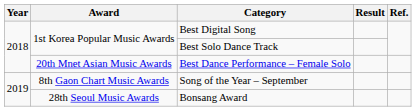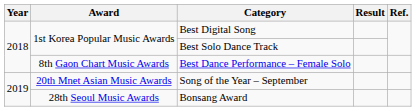 <table class="wikitable">
 <tr>
 <th>Year</th>
 <th>Award</th>
 <th>Category</th>
 <th>Result</th>
 <th>Ref.</th>
 </tr>
 <tr>
 <td rowspan=3>2018</td>
 <td rowspan=2 style="text-align:center;">1st Korea Popular Music Awards</td>
 <td>Best Digital Song</td>
 <td></td>
 <td rowspan=2></td>
 </tr>
 <tr>
 <td>Best Solo Dance Track</td>
 <td></td>
 </tr>
 <tr>
-<td style="text-align:center;"><a href='#'>20th Mnet Asian Music Awards</a></td>
+<td style="text-align:center;">8th <a href='#'>Gaon Chart Music Awards</a></td>
 <td><a href='#'>Best Dance Performance – Female Solo</a></td>
 <td></td>
 <td></td>
 </tr>
 <tr>
 <td rowspan=2>2019</td>
-<td style="text-align:center;">8th <a href='#'>Gaon Chart Music Awards</a></td>
+<td style="text-align:center;"><a href='#'>20th Mnet Asian Music Awards</a></td>
 <td>Song of the Year – September</td>
 <td></td>
 <td></td>
 </tr>
 <tr>
 <td style="text-align:center;">28th <a href='#'>Seoul Music Awards</a></td>
 <td>Bonsang Award</td>
 <td></td>
 <td></td>
 </tr>
 </table>
